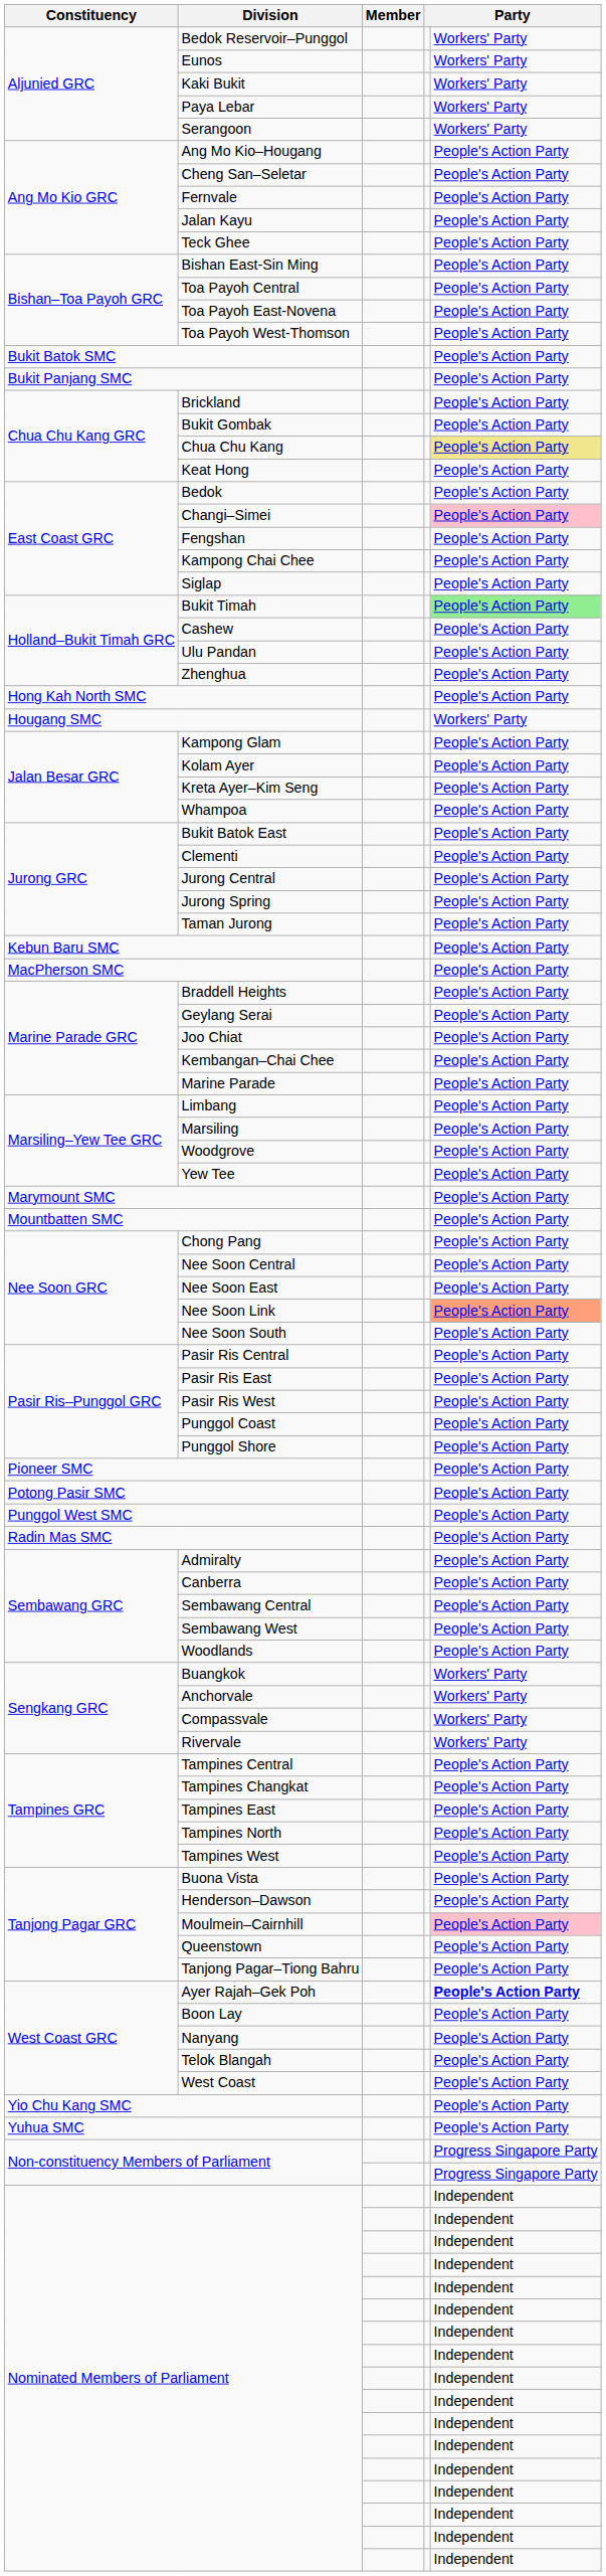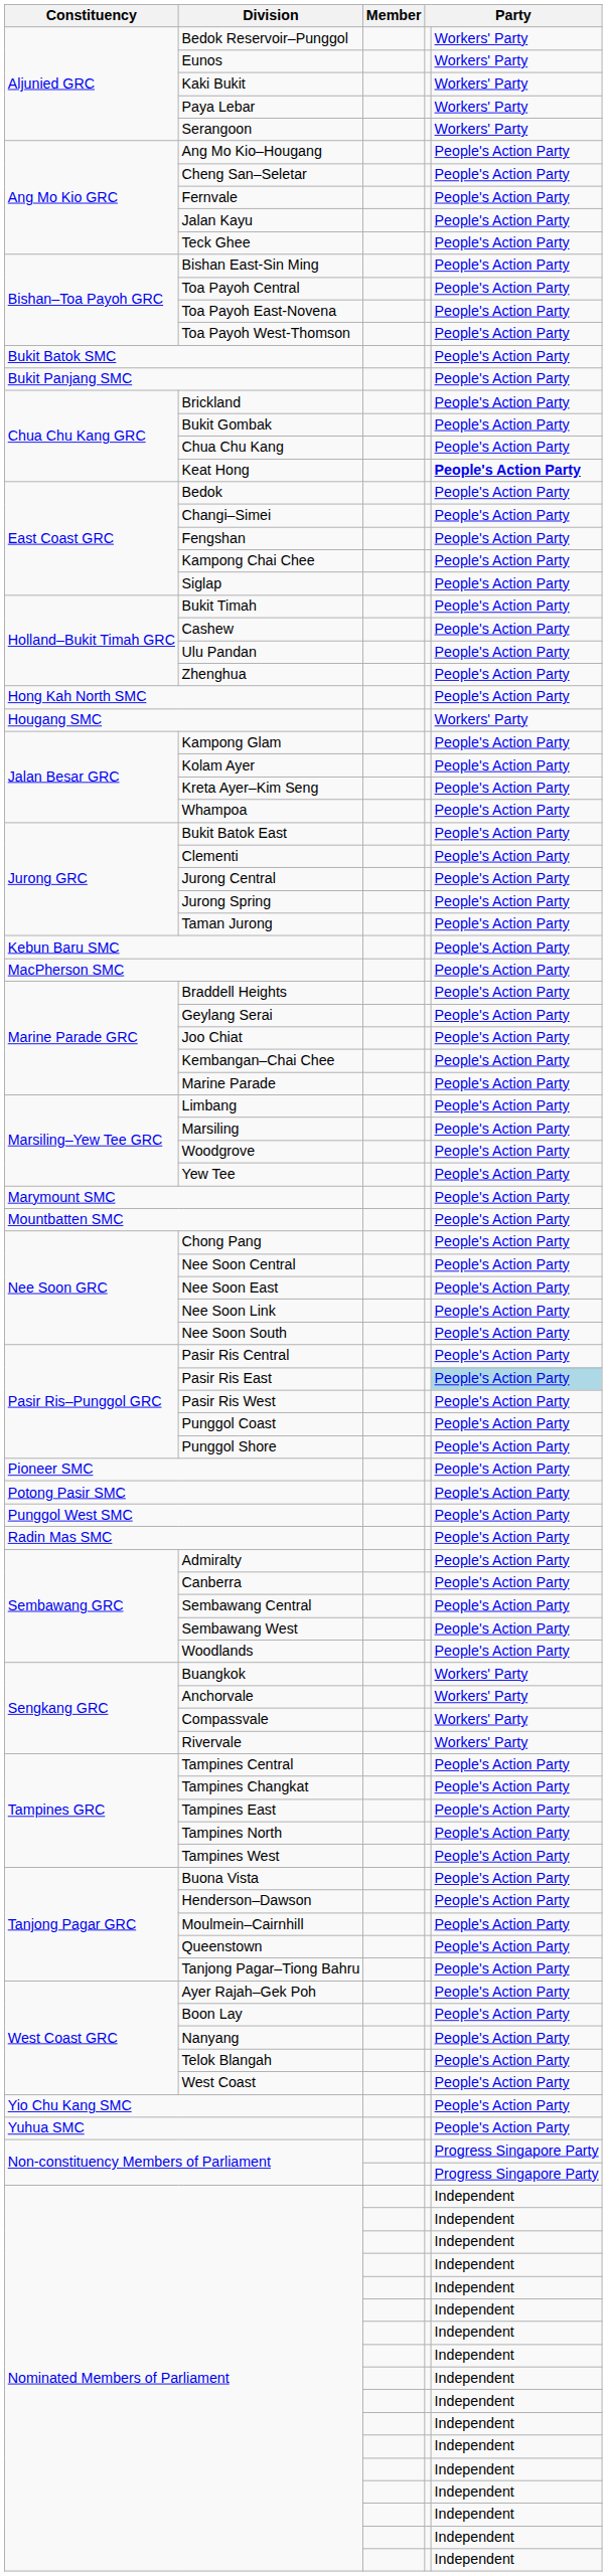 <table class="wikitable sortable">
 <tr>
 <th>Constituency</th>
 <th>Division</th>
 <th>Member</th>
 <th colspan="2">Party</th>
 </tr>
 <tr>
 <td rowspan="5"><a href='#'>Aljunied GRC</a></td>
 <td>Bedok Reservoir–Punggol</td>
 <td></td>
 <td></td>
 <td><a href='#'>Workers' Party</a></td>
 </tr>
 <tr>
 <td>Eunos</td>
 <td></td>
 <td></td>
 <td><a href='#'>Workers' Party</a></td>
 </tr>
 <tr>
 <td>Kaki Bukit</td>
 <td></td>
 <td></td>
 <td><a href='#'>Workers' Party</a></td>
 </tr>
 <tr>
 <td>Paya Lebar</td>
 <td></td>
 <td></td>
 <td><a href='#'>Workers' Party</a></td>
 </tr>
 <tr>
 <td>Serangoon</td>
 <td></td>
 <td></td>
 <td><a href='#'>Workers' Party</a></td>
 </tr>
 <tr>
 <td rowspan="5"><a href='#'>Ang Mo Kio GRC</a></td>
 <td>Ang Mo Kio–Hougang</td>
 <td></td>
 <td></td>
 <td><a href='#'>People's Action Party</a></td>
 </tr>
 <tr>
 <td>Cheng San–Seletar</td>
 <td></td>
 <td></td>
 <td><a href='#'>People's Action Party</a></td>
 </tr>
 <tr>
 <td>Fernvale</td>
 <td></td>
 <td></td>
 <td><a href='#'>People's Action Party</a></td>
 </tr>
 <tr>
 <td>Jalan Kayu</td>
 <td></td>
 <td></td>
 <td><a href='#'>People's Action Party</a></td>
 </tr>
 <tr>
 <td>Teck Ghee</td>
 <td></td>
 <td></td>
 <td><a href='#'>People's Action Party</a></td>
 </tr>
 <tr>
 <td rowspan="4"><a href='#'>Bishan–Toa Payoh GRC</a></td>
 <td>Bishan East-Sin Ming</td>
 <td></td>
 <td></td>
 <td><a href='#'>People's Action Party</a></td>
 </tr>
 <tr>
 <td>Toa Payoh Central</td>
 <td></td>
 <td></td>
 <td><a href='#'>People's Action Party</a></td>
 </tr>
 <tr>
 <td>Toa Payoh East-Novena</td>
 <td></td>
 <td></td>
 <td><a href='#'>People's Action Party</a></td>
 </tr>
 <tr>
 <td>Toa Payoh West-Thomson</td>
 <td></td>
 <td></td>
 <td><a href='#'>People's Action Party</a></td>
 </tr>
 <tr>
 <td colspan="2"><a href='#'>Bukit Batok SMC</a></td>
 <td></td>
 <td></td>
 <td><a href='#'>People's Action Party</a></td>
 </tr>
 <tr>
 <td colspan="2"><a href='#'>Bukit Panjang SMC</a></td>
 <td></td>
 <td></td>
 <td><a href='#'>People's Action Party</a></td>
 </tr>
 <tr>
 <td rowspan="4"><a href='#'>Chua Chu Kang GRC</a></td>
 <td>Brickland</td>
 <td></td>
 <td></td>
 <td><a href='#'>People's Action Party</a></td>
 </tr>
 <tr>
 <td>Bukit Gombak</td>
 <td></td>
 <td></td>
 <td><a href='#'>People's Action Party</a></td>
 </tr>
 <tr>
 <td>Chua Chu Kang</td>
 <td></td>
 <td></td>
-<td style="background: khaki;"><a href='#'>People's Action Party</a></td>
+<td><a href='#'>People's Action Party</a></td>
 </tr>
 <tr>
 <td>Keat Hong</td>
 <td></td>
 <td></td>
-<td><a href='#'>People's Action Party</a></td>
+<td><strong><a href='#'>People's Action Party</a></strong></td>
 </tr>
 <tr>
 <td rowspan="5"><a href='#'>East Coast GRC</a></td>
 <td>Bedok</td>
 <td></td>
 <td></td>
 <td><a href='#'>People's Action Party</a></td>
 </tr>
 <tr>
 <td>Changi–Simei</td>
 <td></td>
 <td></td>
-<td style="background: pink;"><a href='#'>People's Action Party</a></td>
+<td><a href='#'>People's Action Party</a></td>
 </tr>
 <tr>
 <td>Fengshan</td>
 <td></td>
 <td></td>
 <td><a href='#'>People's Action Party</a></td>
 </tr>
 <tr>
 <td>Kampong Chai Chee</td>
 <td></td>
 <td></td>
 <td><a href='#'>People's Action Party</a></td>
 </tr>
 <tr>
 <td>Siglap</td>
 <td></td>
 <td></td>
 <td><a href='#'>People's Action Party</a></td>
 </tr>
 <tr>
 <td rowspan="4"><a href='#'>Holland–Bukit Timah GRC</a></td>
 <td>Bukit Timah</td>
 <td></td>
 <td></td>
-<td style="background: lightgreen;"><a href='#'>People's Action Party</a></td>
+<td><a href='#'>People's Action Party</a></td>
 </tr>
 <tr>
 <td>Cashew</td>
 <td></td>
 <td></td>
 <td><a href='#'>People's Action Party</a></td>
 </tr>
 <tr>
 <td>Ulu Pandan</td>
 <td></td>
 <td></td>
 <td><a href='#'>People's Action Party</a></td>
 </tr>
 <tr>
 <td>Zhenghua</td>
 <td></td>
 <td></td>
 <td><a href='#'>People's Action Party</a></td>
 </tr>
 <tr>
 <td colspan="2"><a href='#'>Hong Kah North SMC</a></td>
 <td></td>
 <td></td>
 <td><a href='#'>People's Action Party</a></td>
 </tr>
 <tr>
 <td colspan="2"><a href='#'>Hougang SMC</a></td>
 <td></td>
 <td></td>
 <td><a href='#'>Workers' Party</a></td>
 </tr>
 <tr>
 <td rowspan="4"><a href='#'>Jalan Besar GRC</a></td>
 <td>Kampong Glam</td>
 <td></td>
 <td></td>
 <td><a href='#'>People's Action Party</a></td>
 </tr>
 <tr>
 <td>Kolam Ayer</td>
 <td></td>
 <td></td>
 <td><a href='#'>People's Action Party</a></td>
 </tr>
 <tr>
 <td>Kreta Ayer–Kim Seng</td>
 <td></td>
 <td></td>
 <td><a href='#'>People's Action Party</a></td>
 </tr>
 <tr>
 <td>Whampoa</td>
 <td></td>
 <td></td>
 <td><a href='#'>People's Action Party</a></td>
 </tr>
 <tr>
 <td rowspan="5"><a href='#'>Jurong GRC</a></td>
 <td>Bukit Batok East</td>
 <td></td>
 <td></td>
 <td><a href='#'>People's Action Party</a></td>
 </tr>
 <tr>
 <td>Clementi</td>
 <td></td>
 <td></td>
 <td><a href='#'>People's Action Party</a></td>
 </tr>
 <tr>
 <td>Jurong Central</td>
 <td></td>
 <td></td>
 <td><a href='#'>People's Action Party</a></td>
 </tr>
 <tr>
 <td>Jurong Spring</td>
 <td></td>
 <td></td>
 <td><a href='#'>People's Action Party</a></td>
 </tr>
 <tr>
 <td>Taman Jurong</td>
 <td></td>
 <td></td>
 <td><a href='#'>People's Action Party</a></td>
 </tr>
 <tr>
 <td colspan="2"><a href='#'>Kebun Baru SMC</a></td>
 <td></td>
 <td></td>
 <td><a href='#'>People's Action Party</a></td>
 </tr>
 <tr>
 <td colspan="2"><a href='#'>MacPherson SMC</a></td>
 <td></td>
 <td></td>
 <td><a href='#'>People's Action Party</a></td>
 </tr>
 <tr>
 <td rowspan="5"><a href='#'>Marine Parade GRC</a></td>
 <td>Braddell Heights</td>
 <td></td>
 <td></td>
 <td><a href='#'>People's Action Party</a></td>
 </tr>
 <tr>
 <td>Geylang Serai</td>
 <td></td>
 <td></td>
 <td><a href='#'>People's Action Party</a></td>
 </tr>
 <tr>
 <td>Joo Chiat</td>
 <td></td>
 <td></td>
 <td><a href='#'>People's Action Party</a></td>
 </tr>
 <tr>
 <td>Kembangan–Chai Chee</td>
 <td></td>
 <td></td>
 <td><a href='#'>People's Action Party</a></td>
 </tr>
 <tr>
 <td>Marine Parade</td>
 <td></td>
 <td></td>
 <td><a href='#'>People's Action Party</a></td>
 </tr>
 <tr>
 <td rowspan="4"><a href='#'>Marsiling–Yew Tee GRC</a></td>
 <td>Limbang</td>
 <td></td>
 <td></td>
 <td><a href='#'>People's Action Party</a></td>
 </tr>
 <tr>
 <td>Marsiling</td>
 <td></td>
 <td></td>
 <td><a href='#'>People's Action Party</a></td>
 </tr>
 <tr>
 <td>Woodgrove</td>
 <td></td>
 <td></td>
 <td><a href='#'>People's Action Party</a></td>
 </tr>
 <tr>
 <td>Yew Tee</td>
 <td></td>
 <td></td>
 <td><a href='#'>People's Action Party</a></td>
 </tr>
 <tr>
 <td colspan="2"><a href='#'>Marymount SMC</a></td>
 <td></td>
 <td></td>
 <td><a href='#'>People's Action Party</a></td>
 </tr>
 <tr>
 <td colspan="2"><a href='#'>Mountbatten SMC</a></td>
 <td></td>
 <td></td>
 <td><a href='#'>People's Action Party</a></td>
 </tr>
 <tr>
 <td rowspan="5"><a href='#'>Nee Soon GRC</a></td>
 <td>Chong Pang</td>
 <td></td>
 <td></td>
 <td><a href='#'>People's Action Party</a></td>
 </tr>
 <tr>
 <td>Nee Soon Central</td>
 <td></td>
 <td></td>
 <td><a href='#'>People's Action Party</a></td>
 </tr>
 <tr>
 <td>Nee Soon East</td>
 <td></td>
 <td></td>
 <td><a href='#'>People's Action Party</a></td>
 </tr>
 <tr>
 <td>Nee Soon Link</td>
 <td></td>
 <td></td>
-<td style="background: lightsalmon;"><a href='#'>People's Action Party</a></td>
+<td><a href='#'>People's Action Party</a></td>
 </tr>
 <tr>
 <td>Nee Soon South</td>
 <td></td>
 <td></td>
 <td><a href='#'>People's Action Party</a></td>
 </tr>
 <tr>
 <td rowspan="5"><a href='#'>Pasir Ris–Punggol GRC</a></td>
 <td>Pasir Ris Central</td>
 <td></td>
 <td></td>
 <td><a href='#'>People's Action Party</a></td>
 </tr>
 <tr>
 <td>Pasir Ris East</td>
 <td></td>
 <td></td>
-<td><a href='#'>People's Action Party</a></td>
+<td style="background: lightblue;"><a href='#'>People's Action Party</a></td>
 </tr>
 <tr>
 <td>Pasir Ris West</td>
 <td></td>
 <td></td>
 <td><a href='#'>People's Action Party</a></td>
 </tr>
 <tr>
 <td>Punggol Coast</td>
 <td></td>
 <td></td>
 <td><a href='#'>People's Action Party</a></td>
 </tr>
 <tr>
 <td>Punggol Shore</td>
 <td></td>
 <td></td>
 <td><a href='#'>People's Action Party</a></td>
 </tr>
 <tr>
 <td colspan="2"><a href='#'>Pioneer SMC</a></td>
 <td></td>
 <td></td>
 <td><a href='#'>People's Action Party</a></td>
 </tr>
 <tr>
 <td colspan="2"><a href='#'>Potong Pasir SMC</a></td>
 <td></td>
 <td></td>
 <td><a href='#'>People's Action Party</a></td>
 </tr>
 <tr>
 <td colspan="2"><a href='#'>Punggol West SMC</a></td>
 <td></td>
 <td></td>
 <td><a href='#'>People's Action Party</a></td>
 </tr>
 <tr>
 <td colspan="2"><a href='#'>Radin Mas SMC</a></td>
 <td></td>
 <td></td>
 <td><a href='#'>People's Action Party</a></td>
 </tr>
 <tr>
 <td rowspan="5"><a href='#'>Sembawang GRC</a></td>
 <td>Admiralty</td>
 <td></td>
 <td></td>
 <td><a href='#'>People's Action Party</a></td>
 </tr>
 <tr>
 <td>Canberra</td>
 <td></td>
 <td></td>
 <td><a href='#'>People's Action Party</a></td>
 </tr>
 <tr>
 <td>Sembawang Central</td>
 <td></td>
 <td></td>
 <td><a href='#'>People's Action Party</a></td>
 </tr>
 <tr>
 <td>Sembawang West</td>
 <td></td>
 <td></td>
 <td><a href='#'>People's Action Party</a></td>
 </tr>
 <tr>
 <td>Woodlands</td>
 <td></td>
 <td></td>
 <td><a href='#'>People's Action Party</a></td>
 </tr>
 <tr>
 <td rowspan="4"><a href='#'>Sengkang GRC</a></td>
 <td>Buangkok</td>
 <td></td>
 <td></td>
 <td><a href='#'>Workers' Party</a></td>
 </tr>
 <tr>
 <td>Anchorvale</td>
 <td></td>
 <td></td>
 <td><a href='#'>Workers' Party</a></td>
 </tr>
 <tr>
 <td>Compassvale</td>
 <td></td>
 <td></td>
 <td><a href='#'>Workers' Party</a></td>
 </tr>
 <tr>
 <td>Rivervale</td>
 <td></td>
 <td></td>
 <td><a href='#'>Workers' Party</a></td>
 </tr>
 <tr>
 <td rowspan="5"><a href='#'>Tampines GRC</a></td>
 <td>Tampines Central</td>
 <td></td>
 <td></td>
 <td><a href='#'>People's Action Party</a></td>
 </tr>
 <tr>
 <td>Tampines Changkat</td>
 <td></td>
 <td></td>
 <td><a href='#'>People's Action Party</a></td>
 </tr>
 <tr>
 <td>Tampines East</td>
 <td></td>
 <td></td>
 <td><a href='#'>People's Action Party</a></td>
 </tr>
 <tr>
 <td>Tampines North</td>
 <td></td>
 <td></td>
 <td><a href='#'>People's Action Party</a></td>
 </tr>
 <tr>
 <td>Tampines West</td>
 <td></td>
 <td></td>
 <td><a href='#'>People's Action Party</a></td>
 </tr>
 <tr>
 <td rowspan="5"><a href='#'>Tanjong Pagar GRC</a></td>
 <td>Buona Vista</td>
 <td></td>
 <td></td>
 <td><a href='#'>People's Action Party</a></td>
 </tr>
 <tr>
 <td>Henderson–Dawson</td>
 <td></td>
 <td></td>
 <td><a href='#'>People's Action Party</a></td>
 </tr>
 <tr>
 <td>Moulmein–Cairnhill</td>
 <td></td>
 <td></td>
-<td style="background: pink;"><a href='#'>People's Action Party</a></td>
+<td><a href='#'>People's Action Party</a></td>
 </tr>
 <tr>
 <td>Queenstown</td>
 <td></td>
 <td></td>
 <td><a href='#'>People's Action Party</a></td>
 </tr>
 <tr>
 <td>Tanjong Pagar–Tiong Bahru</td>
 <td></td>
 <td></td>
 <td><a href='#'>People's Action Party</a></td>
 </tr>
 <tr>
 <td rowspan="5"><a href='#'>West Coast GRC</a></td>
 <td>Ayer Rajah–Gek Poh</td>
 <td></td>
 <td></td>
-<td><strong><a href='#'>People's Action Party</a></strong></td>
+<td><a href='#'>People's Action Party</a></td>
 </tr>
 <tr>
 <td>Boon Lay</td>
 <td></td>
 <td></td>
 <td><a href='#'>People's Action Party</a></td>
 </tr>
 <tr>
 <td>Nanyang</td>
 <td></td>
 <td></td>
 <td><a href='#'>People's Action Party</a></td>
 </tr>
 <tr>
 <td>Telok Blangah</td>
 <td></td>
 <td></td>
 <td><a href='#'>People's Action Party</a></td>
 </tr>
 <tr>
 <td>West Coast</td>
 <td></td>
 <td></td>
 <td><a href='#'>People's Action Party</a></td>
 </tr>
 <tr>
 <td colspan="2"><a href='#'>Yio Chu Kang SMC</a></td>
 <td></td>
 <td></td>
 <td><a href='#'>People's Action Party</a></td>
 </tr>
 <tr>
 <td colspan="2"><a href='#'>Yuhua SMC</a></td>
 <td></td>
 <td></td>
 <td><a href='#'>People's Action Party</a></td>
 </tr>
 <tr>
 <td colspan="2" rowspan="2"><a href='#'>Non-constituency Members of Parliament</a></td>
 <td></td>
 <td></td>
 <td><a href='#'>Progress Singapore Party</a></td>
 </tr>
 <tr>
 <td></td>
 <td></td>
 <td><a href='#'>Progress Singapore Party</a></td>
 </tr>
 <tr>
 <td colspan="2" rowspan="17"><a href='#'>Nominated Members of Parliament</a></td>
 <td></td>
 <td></td>
 <td>Independent</td>
 </tr>
 <tr>
 <td></td>
 <td></td>
 <td>Independent</td>
 </tr>
 <tr>
 <td></td>
 <td></td>
 <td>Independent</td>
 </tr>
 <tr>
 <td></td>
 <td></td>
 <td>Independent</td>
 </tr>
 <tr>
 <td></td>
 <td></td>
 <td>Independent</td>
 </tr>
 <tr>
 <td></td>
 <td></td>
 <td>Independent</td>
 </tr>
 <tr>
 <td></td>
 <td></td>
 <td>Independent</td>
 </tr>
 <tr>
 <td></td>
 <td></td>
 <td>Independent</td>
 </tr>
 <tr>
 <td></td>
 <td></td>
 <td>Independent</td>
 </tr>
 <tr>
 <td></td>
 <td></td>
 <td>Independent</td>
 </tr>
 <tr>
 <td></td>
 <td></td>
 <td>Independent</td>
 </tr>
 <tr>
 <td></td>
 <td></td>
 <td>Independent</td>
 </tr>
 <tr>
 <td></td>
 <td></td>
 <td>Independent</td>
 </tr>
 <tr>
 <td></td>
 <td></td>
 <td>Independent</td>
 </tr>
 <tr>
 <td></td>
 <td></td>
 <td>Independent</td>
 </tr>
 <tr>
 <td></td>
 <td></td>
 <td>Independent</td>
 </tr>
 <tr>
 <td></td>
 <td></td>
 <td>Independent</td>
 </tr>
 </table>
